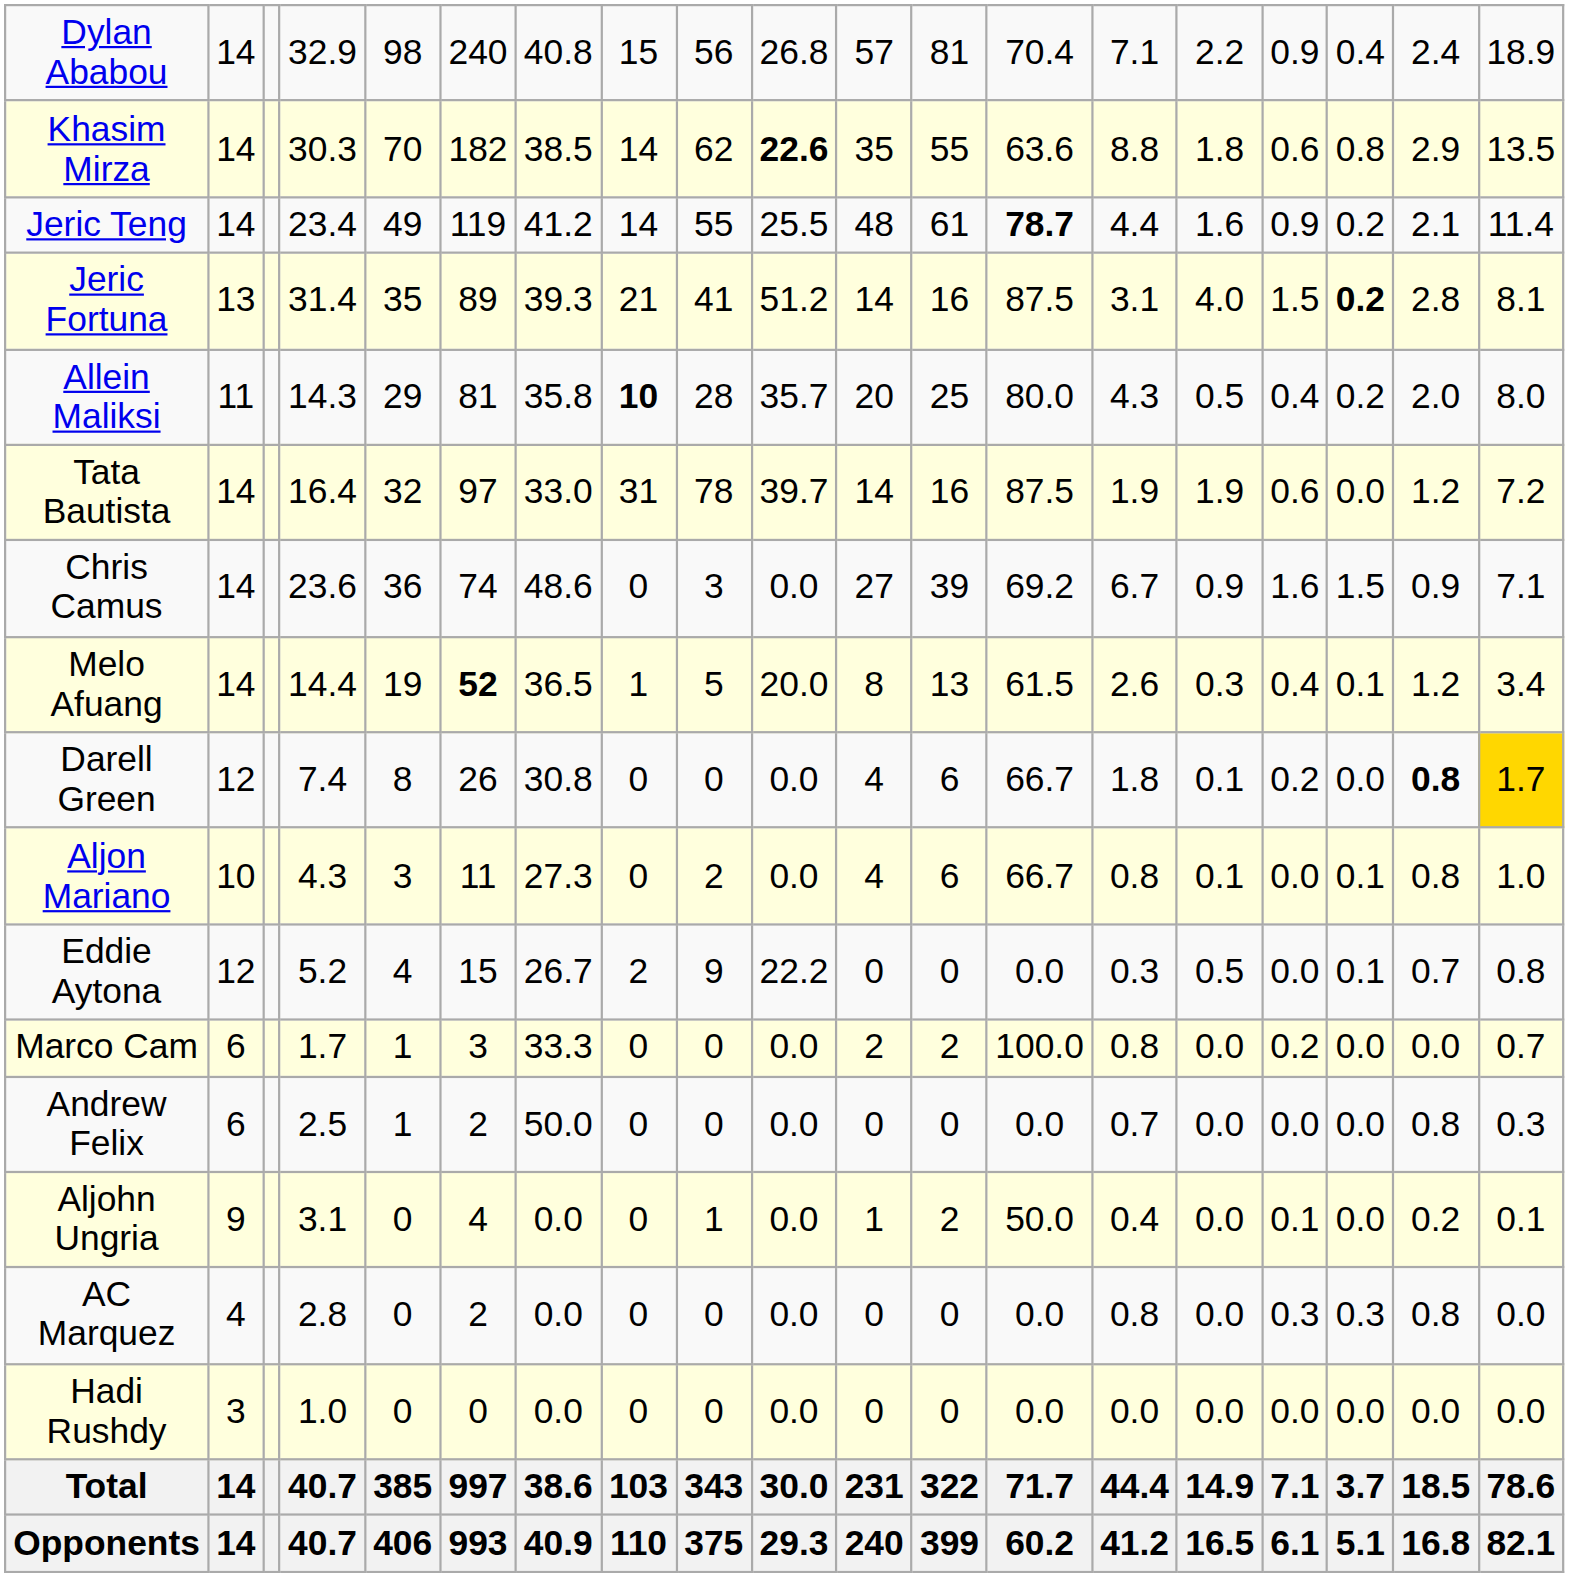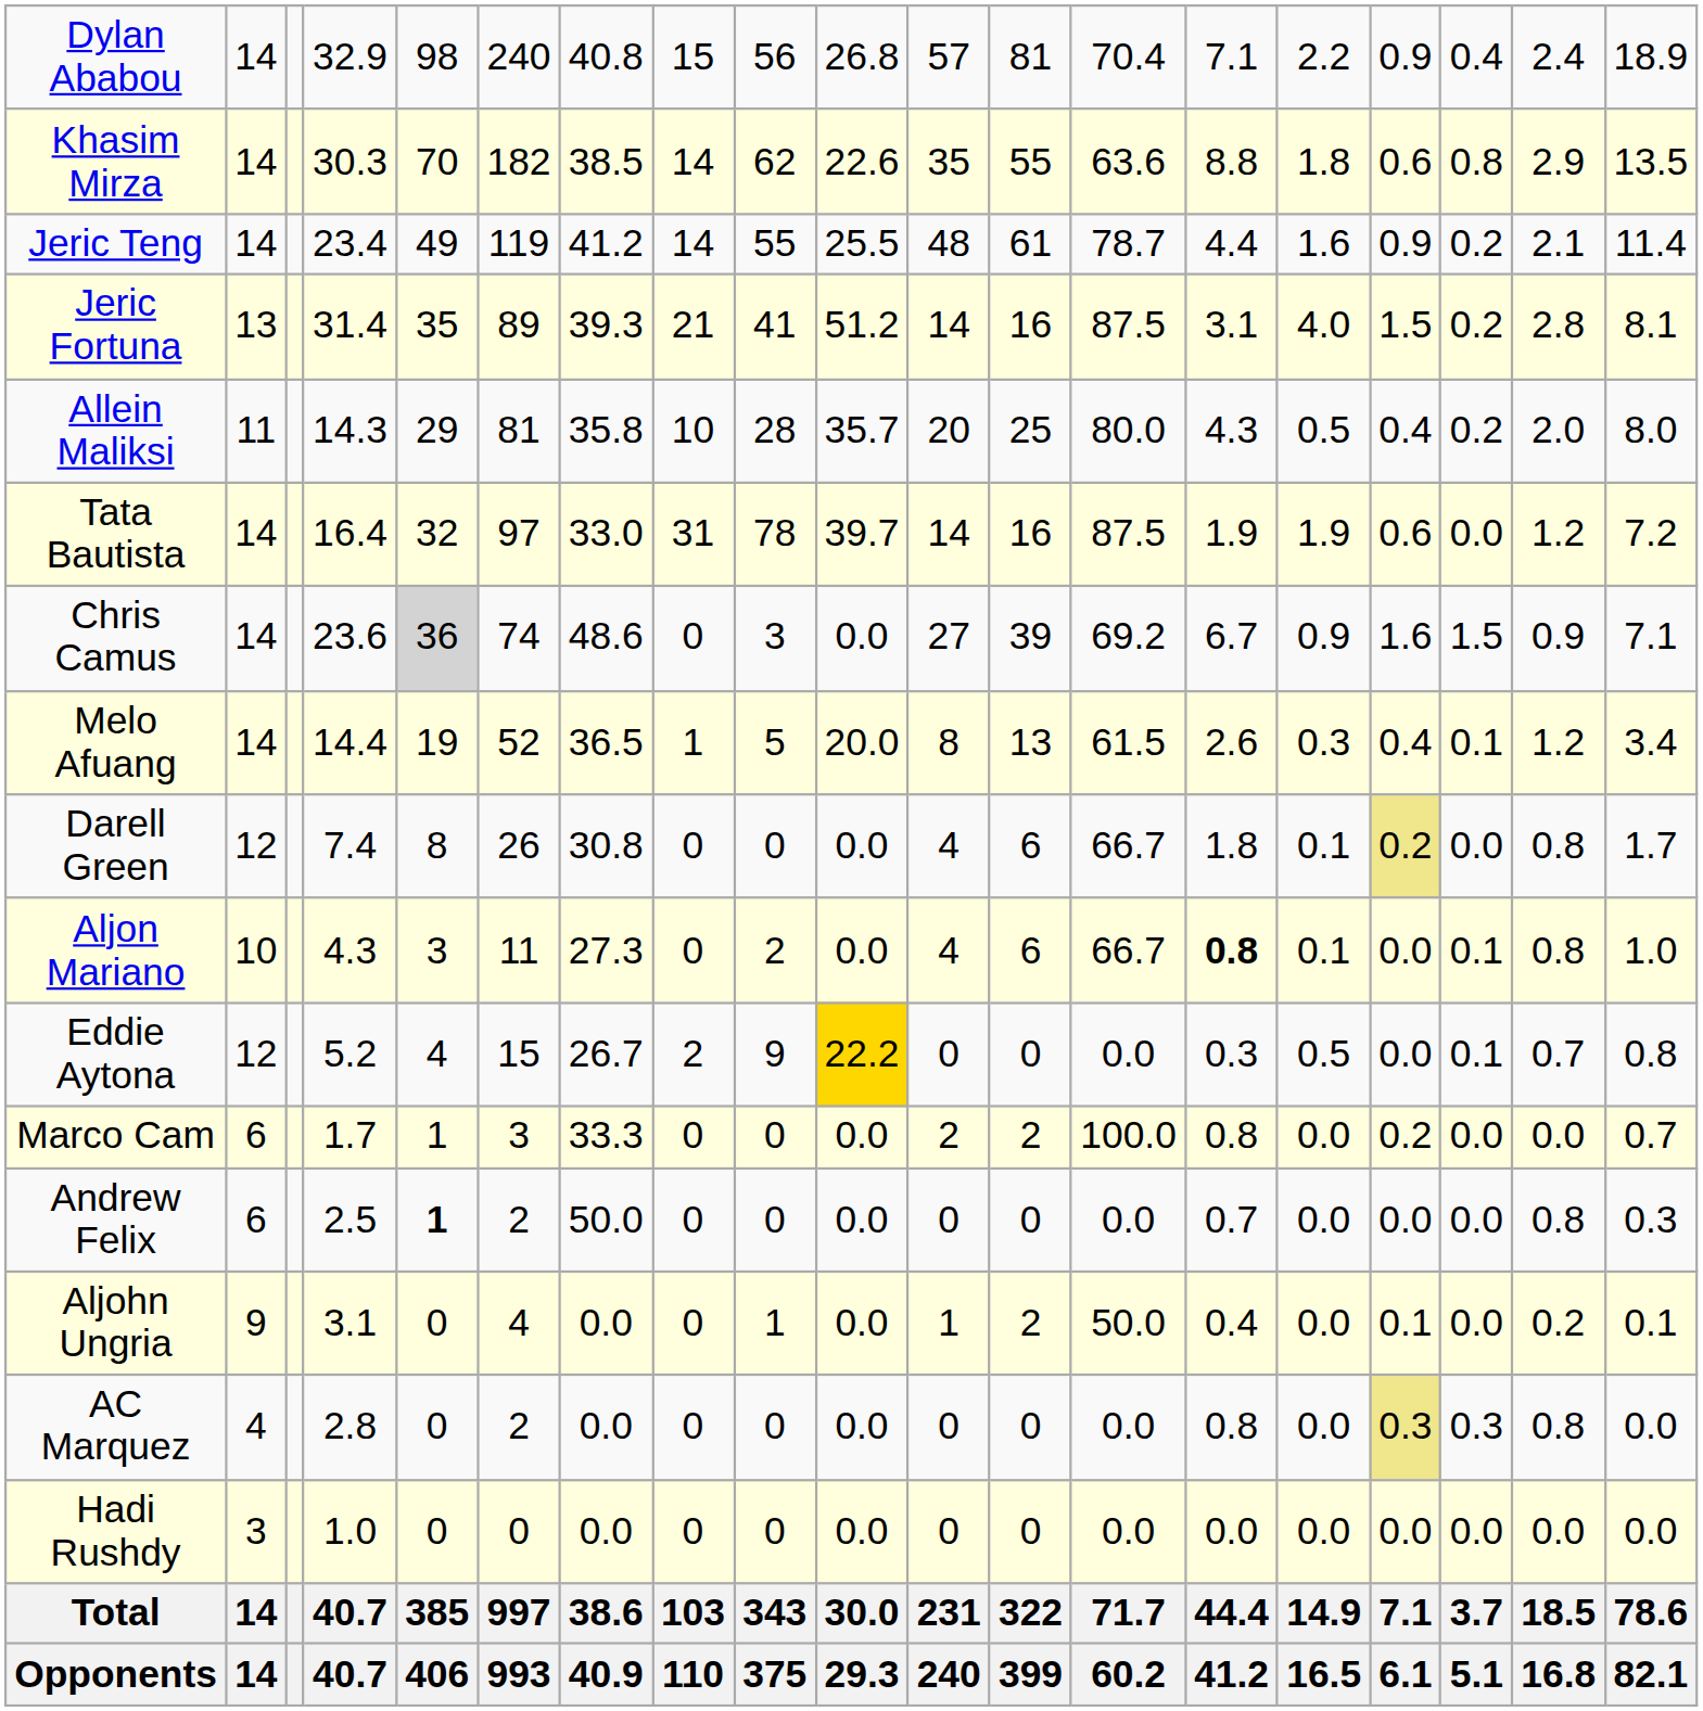 <table class=wikitable width=100%>
 <tr align=center>
 <td><a href='#'>Dylan Ababou</a></td>
 <td>14</td>
 <td></td>
 <td style=>32.9</td>
 <td>98</td>
 <td>240</td>
 <td>40.8</td>
 <td>15</td>
 <td>56</td>
 <td>26.8</td>
 <td>57</td>
 <td>81</td>
 <td>70.4</td>
 <td>7.1</td>
 <td>2.2</td>
 <td>0.9</td>
 <td>0.4</td>
 <td>2.4</td>
 <td style=>18.9</td>
 </tr>
 <tr bgcolor=#ffffdd align=center>
 <td><a href='#'>Khasim Mirza</a></td>
 <td>14</td>
 <td></td>
 <td>30.3</td>
 <td>70</td>
 <td>182</td>
 <td>38.5</td>
 <td>14</td>
 <td>62</td>
-<td><strong>22.6</strong></td>
+<td>22.6</td>
 <td>35</td>
 <td>55</td>
 <td>63.6</td>
 <td style=>8.8</td>
 <td>1.8</td>
 <td>0.6</td>
 <td>0.8</td>
 <td>2.9</td>
 <td>13.5</td>
 </tr>
 <tr align=center>
 <td><a href='#'>Jeric Teng</a></td>
 <td>14</td>
 <td></td>
 <td>23.4</td>
 <td>49</td>
 <td>119</td>
 <td>41.2</td>
 <td>14</td>
 <td>55</td>
 <td>25.5</td>
 <td>48</td>
 <td>61</td>
-<td><strong>78.7</strong></td>
+<td>78.7</td>
 <td>4.4</td>
 <td>1.6</td>
 <td>0.9</td>
 <td>0.2</td>
 <td>2.1</td>
 <td>11.4</td>
 </tr>
 <tr bgcolor=#ffffdd align=center>
 <td><a href='#'>Jeric Fortuna</a></td>
 <td>13</td>
 <td></td>
 <td>31.4</td>
 <td>35</td>
 <td>89</td>
 <td>39.3</td>
 <td>21</td>
 <td>41</td>
 <td style=>51.2</td>
 <td>14</td>
 <td>16</td>
 <td>87.5</td>
 <td>3.1</td>
 <td style=>4.0</td>
 <td>1.5</td>
-<td><strong>0.2</strong></td>
+<td>0.2</td>
 <td>2.8</td>
 <td>8.1</td>
 </tr>
 <tr align=center>
 <td><a href='#'>Allein Maliksi</a></td>
 <td>11</td>
 <td></td>
 <td>14.3</td>
 <td>29</td>
 <td>81</td>
 <td>35.8</td>
-<td><strong>10</strong></td>
+<td>10</td>
 <td>28</td>
 <td>35.7</td>
 <td>20</td>
 <td>25</td>
 <td>80.0</td>
 <td>4.3</td>
 <td>0.5</td>
 <td>0.4</td>
 <td>0.2</td>
 <td>2.0</td>
 <td>8.0</td>
 </tr>
 <tr bgcolor=#ffffdd align=center>
 <td>Tata Bautista</td>
 <td>14</td>
 <td></td>
 <td>16.4</td>
 <td>32</td>
 <td>97</td>
 <td>33.0</td>
 <td>31</td>
 <td>78</td>
 <td>39.7</td>
 <td>14</td>
 <td>16</td>
 <td>87.5</td>
 <td>1.9</td>
 <td>1.9</td>
 <td>0.6</td>
 <td>0.0</td>
 <td>1.2</td>
 <td>7.2</td>
 </tr>
 <tr align=center>
 <td>Chris Camus</td>
 <td>14</td>
 <td></td>
 <td>23.6</td>
-<td>36</td>
+<td style="background: lightgrey;">36</td>
 <td>74</td>
 <td>48.6</td>
 <td>0</td>
 <td>3</td>
 <td>0.0</td>
 <td>27</td>
 <td>39</td>
 <td>69.2</td>
 <td>6.7</td>
 <td>0.9</td>
 <td style=>1.6</td>
 <td style=>1.5</td>
 <td>0.9</td>
 <td>7.1</td>
 </tr>
 <tr bgcolor=#ffffdd align=center>
 <td>Melo Afuang</td>
 <td>14</td>
 <td></td>
 <td>14.4</td>
 <td>19</td>
-<td><strong>52</strong></td>
+<td>52</td>
 <td>36.5</td>
 <td>1</td>
 <td>5</td>
 <td>20.0</td>
 <td>8</td>
 <td>13</td>
 <td>61.5</td>
 <td>2.6</td>
 <td>0.3</td>
 <td>0.4</td>
 <td>0.1</td>
 <td>1.2</td>
 <td>3.4</td>
 </tr>
 <tr align=center>
 <td>Darell Green</td>
 <td>12</td>
 <td></td>
 <td>7.4</td>
 <td>8</td>
 <td>26</td>
 <td>30.8</td>
 <td>0</td>
 <td>0</td>
 <td>0.0</td>
 <td>4</td>
 <td>6</td>
 <td>66.7</td>
 <td>1.8</td>
 <td>0.1</td>
-<td>0.2</td>
+<td style="background: khaki;">0.2</td>
 <td>0.0</td>
-<td><strong>0.8</strong></td>
-<td style="background: gold;">1.7</td>
+<td>0.8</td>
+<td>1.7</td>
 </tr>
 <tr bgcolor=#ffffdd align=center>
 <td><a href='#'>Aljon Mariano</a></td>
 <td>10</td>
 <td></td>
 <td>4.3</td>
 <td>3</td>
 <td>11</td>
 <td>27.3</td>
 <td>0</td>
 <td>2</td>
 <td>0.0</td>
 <td>4</td>
 <td>6</td>
 <td>66.7</td>
-<td>0.8</td>
+<td><strong>0.8</strong></td>
 <td>0.1</td>
 <td>0.0</td>
 <td>0.1</td>
 <td>0.8</td>
 <td>1.0</td>
 </tr>
 <tr align=center>
 <td>Eddie Aytona</td>
 <td>12</td>
 <td></td>
 <td>5.2</td>
 <td>4</td>
 <td>15</td>
 <td>26.7</td>
 <td>2</td>
 <td>9</td>
-<td>22.2</td>
+<td style="background: gold;">22.2</td>
 <td>0</td>
 <td>0</td>
 <td>0.0</td>
 <td>0.3</td>
 <td>0.5</td>
 <td>0.0</td>
 <td>0.1</td>
 <td>0.7</td>
 <td>0.8</td>
 </tr>
 <tr bgcolor=#ffffdd align=center>
 <td>Marco Cam</td>
 <td>6</td>
 <td></td>
 <td>1.7</td>
 <td>1</td>
 <td>3</td>
 <td>33.3</td>
 <td>0</td>
 <td>0</td>
 <td>0.0</td>
 <td>2</td>
 <td>2</td>
 <td style=>100.0</td>
 <td>0.8</td>
 <td>0.0</td>
 <td>0.2</td>
 <td>0.0</td>
 <td>0.0</td>
 <td>0.7</td>
 </tr>
 <tr align=center>
 <td>Andrew Felix</td>
 <td>6</td>
 <td></td>
 <td>2.5</td>
-<td>1</td>
+<td><strong>1</strong></td>
 <td>2</td>
 <td style=>50.0</td>
 <td>0</td>
 <td>0</td>
 <td>0.0</td>
 <td>0</td>
 <td>0</td>
 <td>0.0</td>
 <td>0.7</td>
 <td>0.0</td>
 <td>0.0</td>
 <td>0.0</td>
 <td>0.8</td>
 <td>0.3</td>
 </tr>
 <tr bgcolor=#ffffdd align=center>
 <td>Aljohn Ungria</td>
 <td>9</td>
 <td></td>
 <td>3.1</td>
 <td>0</td>
 <td>4</td>
 <td>0.0</td>
 <td>0</td>
 <td>1</td>
 <td>0.0</td>
 <td>1</td>
 <td>2</td>
 <td>50.0</td>
 <td>0.4</td>
 <td>0.0</td>
 <td>0.1</td>
 <td>0.0</td>
 <td>0.2</td>
 <td>0.1</td>
 </tr>
 <tr align=center>
 <td>AC Marquez</td>
 <td>4</td>
 <td></td>
 <td>2.8</td>
 <td>0</td>
 <td>2</td>
 <td>0.0</td>
 <td>0</td>
 <td>0</td>
 <td>0.0</td>
 <td>0</td>
 <td>0</td>
 <td>0.0</td>
 <td>0.8</td>
 <td>0.0</td>
-<td>0.3</td>
+<td style="background: khaki;">0.3</td>
 <td>0.3</td>
 <td>0.8</td>
 <td>0.0</td>
 </tr>
 <tr bgcolor=#ffffdd align=center>
 <td>Hadi Rushdy</td>
 <td>3</td>
 <td></td>
 <td>1.0</td>
 <td>0</td>
 <td>0</td>
 <td>0.0</td>
 <td>0</td>
 <td>0</td>
 <td>0.0</td>
 <td>0</td>
 <td>0</td>
 <td>0.0</td>
 <td>0.0</td>
 <td>0.0</td>
 <td>0.0</td>
 <td>0.0</td>
 <td>0.0</td>
 <td>0.0</td>
 </tr>
 <tr class=sortbottom>
 <th>Total</th>
 <th>14</th>
 <th></th>
 <th>40.7</th>
 <th>385</th>
 <th>997</th>
 <th>38.6</th>
 <th>103</th>
 <th>343</th>
 <th>30.0</th>
 <th>231</th>
 <th>322</th>
 <th>71.7</th>
 <th>44.4</th>
 <th>14.9</th>
 <th>7.1</th>
 <th>3.7</th>
 <th>18.5</th>
 <th>78.6</th>
 </tr>
 <tr class=sortbottom>
 <th>Opponents</th>
 <th>14</th>
 <th></th>
 <th>40.7</th>
 <th>406</th>
 <th>993</th>
 <th>40.9</th>
 <th>110</th>
 <th>375</th>
 <th>29.3</th>
 <th>240</th>
 <th>399</th>
 <th>60.2</th>
 <th>41.2</th>
 <th>16.5</th>
 <th>6.1</th>
 <th>5.1</th>
 <th>16.8</th>
 <th>82.1</th>
 </tr>
 </table>
